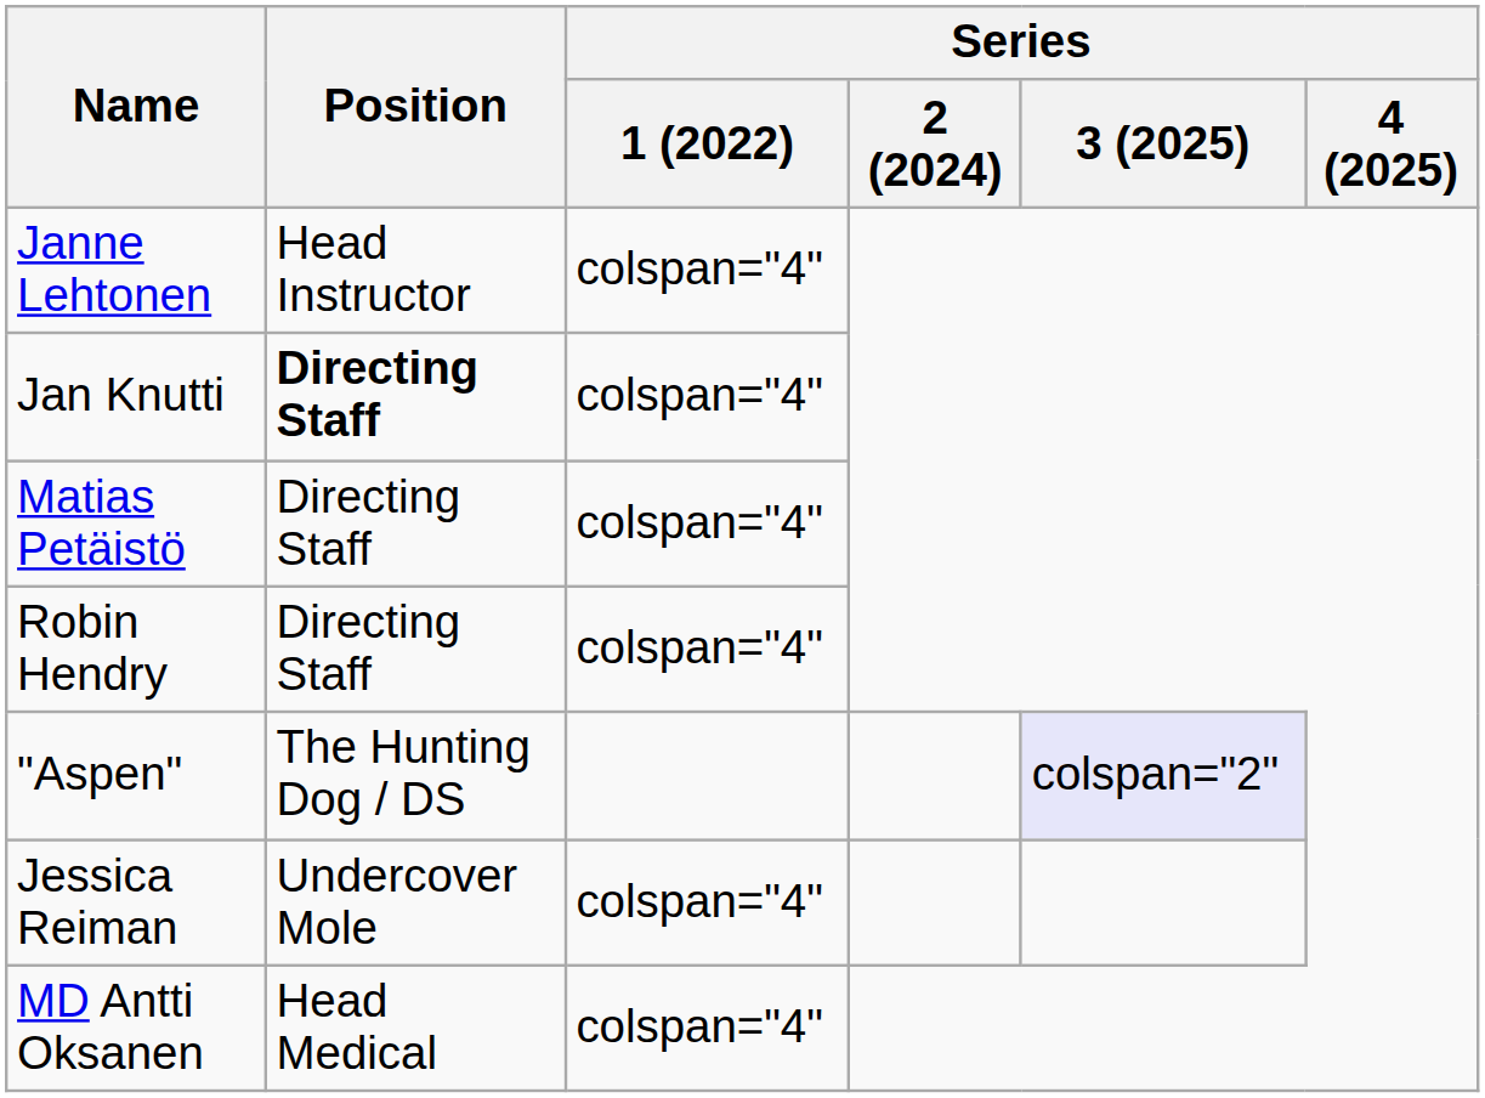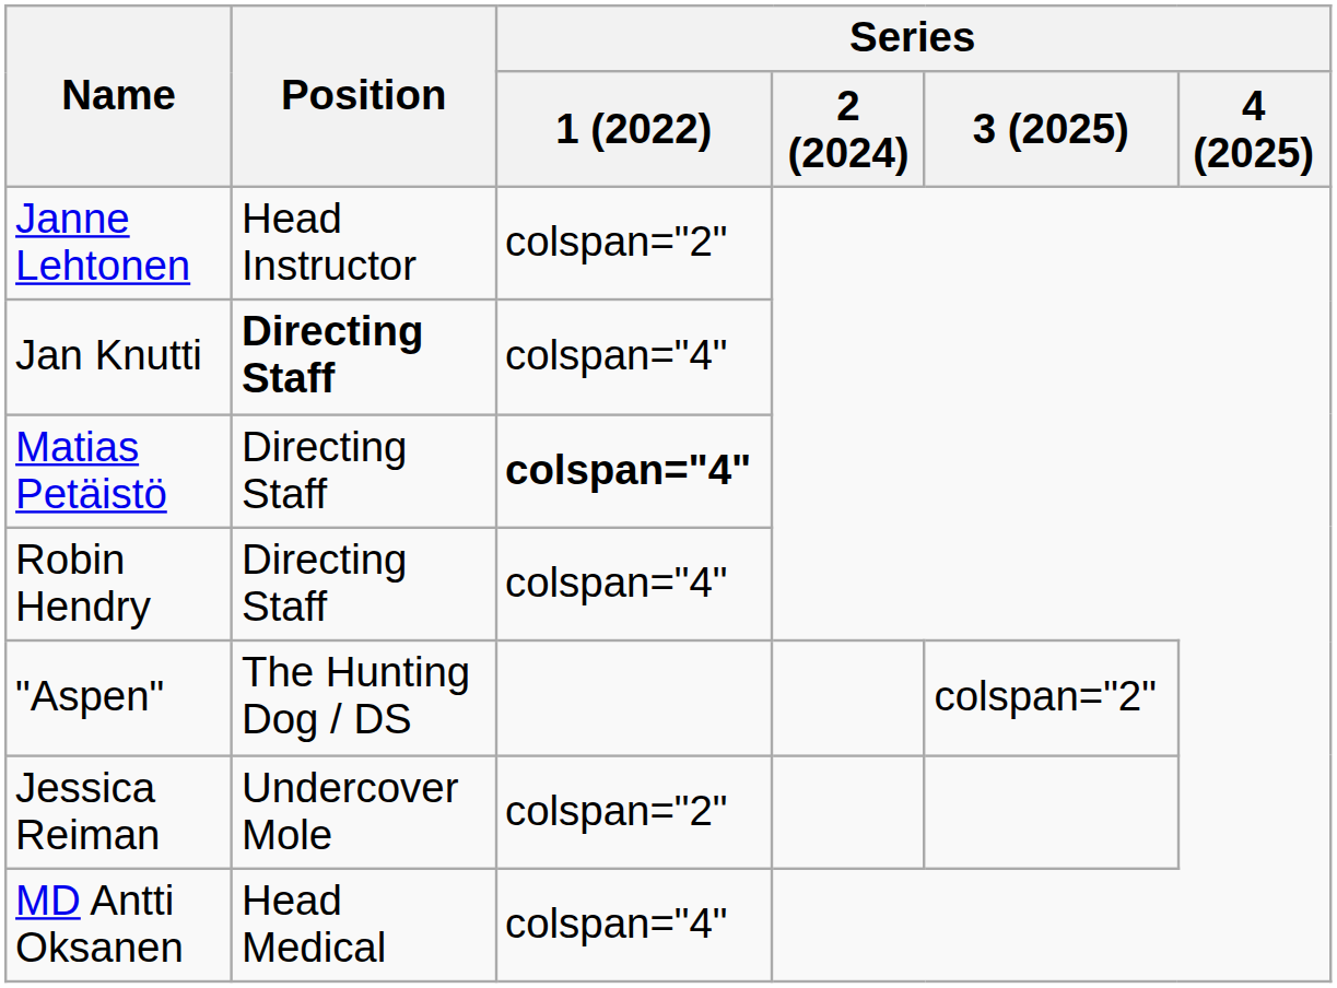 <table class="wikitable plainrowheaders" width="40%">
 <tr>
 <th rowspan="2" scope="col" style="width:14%;">Name</th>
 <th rowspan="2" scope="col" style="width:12%;">Position</th>
 <th colspan="4" scope="col" style="width:12%;">Series</th>
 </tr>
 <tr>
 <th scope="col" style="width:5%;">1 (2022)</th>
 <th scope="col" style="width:5%;">2 (2024)</th>
 <th scope="col" style="width:5%;">3 (2025)</th>
 <th scope="col" style="width:5%;">4 (2025)</th>
 </tr>
 <tr>
 <td scope="row"><a href='#'>Janne Lehtonen</a></td>
 <td>Head Instructor</td>
-<td>colspan="4" </td>
+<td>colspan="2" </td>
 </tr>
 <tr>
 <td scope="row">Jan Knutti</td>
 <td><strong>Directing Staff</strong></td>
 <td>colspan="4" </td>
 </tr>
 <tr>
 <td scope="row"><a href='#'>Matias Petäistö</a></td>
 <td>Directing Staff</td>
-<td>colspan="4" </td>
+<td><strong>colspan="4" </strong></td>
 </tr>
 <tr>
 <td scope="row">Robin Hendry</td>
 <td>Directing Staff</td>
 <td>colspan="4" </td>
 </tr>
 <tr>
 <td scope="row">"Aspen"</td>
 <td>The Hunting Dog / DS</td>
 <td></td>
 <td></td>
-<td style="background: lavender;">colspan="2" </td>
+<td>colspan="2" </td>
 </tr>
 <tr>
 <td scope="row">Jessica Reiman</td>
 <td>Undercover Mole</td>
-<td>colspan="4" </td>
+<td>colspan="2" </td>
 <td></td>
 <td></td>
 </tr>
 <tr>
 <td scope="row"><a href='#'>MD</a> Antti Oksanen</td>
 <td>Head Medical</td>
 <td>colspan="4" </td>
 </tr>
 </table>
